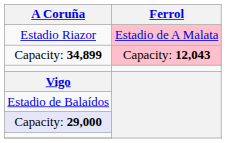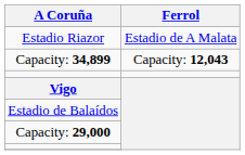 <table class="wikitable" style="text-align:center">
 <tr>
 <th><a href='#'>A Coruña</a></th>
 <th><a href='#'>Ferrol</a></th>
 </tr>
 <tr>
 <td><a href='#'>Estadio Riazor</a></td>
-<td style="background: pink;"><a href='#'>Estadio de A Malata</a></td>
+<td><a href='#'>Estadio de A Malata</a></td>
 </tr>
 <tr>
 <td>Capacity: <strong>34,899</strong></td>
-<td style="background: pink;">Capacity: <strong>12,043</strong></td>
+<td>Capacity: <strong>12,043</strong></td>
 </tr>
 <tr>
 <td></td>
 <td></td>
 </tr>
 <tr>
 <th><a href='#'>Vigo</a></th>
 <th rowspan=8 colspan=2></th>
 </tr>
 <tr>
 <td><a href='#'>Estadio de Balaídos</a></td>
 </tr>
 <tr>
-<td style="background: lavender;">Capacity: <strong>29,000</strong></td>
+<td>Capacity: <strong>29,000</strong></td>
 </tr>
 <tr>
 <td></td>
 </tr>
 <tr>
 </tr>
 </table>
